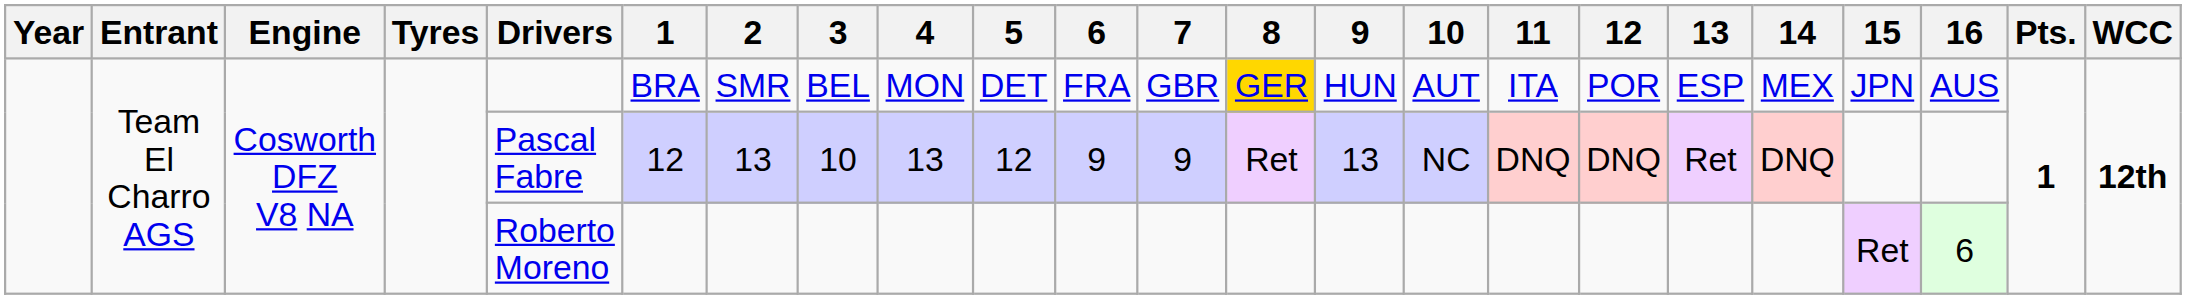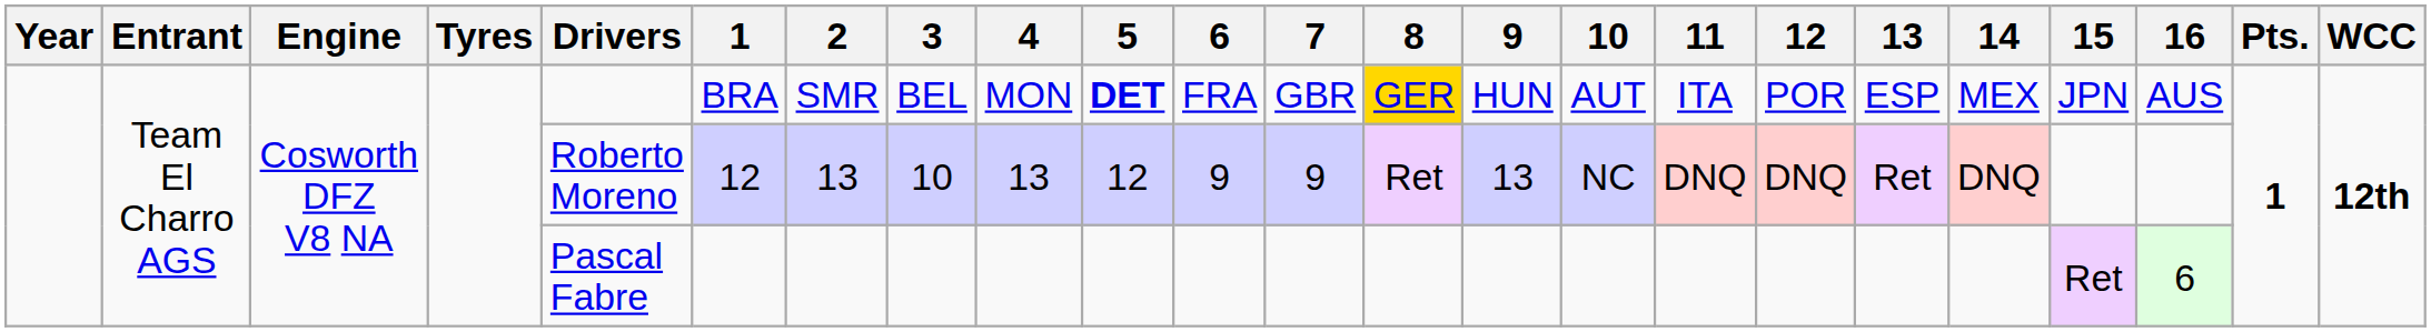 <table class="wikitable" style="text-align:center; font-size:95%">
 <tr>
 <th>Year</th>
 <th>Entrant</th>
 <th>Engine</th>
 <th>Tyres</th>
 <th>Drivers</th>
 <th>1</th>
 <th>2</th>
 <th>3</th>
 <th>4</th>
 <th>5</th>
 <th>6</th>
 <th>7</th>
 <th>8</th>
 <th>9</th>
 <th>10</th>
 <th>11</th>
 <th>12</th>
 <th>13</th>
 <th>14</th>
 <th>15</th>
 <th>16</th>
 <th>Pts.</th>
 <th>WCC</th>
 </tr>
 <tr>
 <td rowspan="3"></td>
 <td rowspan="3">Team El Charro <a href='#'>AGS</a></td>
 <td rowspan="3"><a href='#'>Cosworth DFZ</a><br><a href='#'>V8</a> <a href='#'>NA</a></td>
 <td rowspan="3"></td>
 <td></td>
 <td><a href='#'>BRA</a></td>
 <td><a href='#'>SMR</a></td>
 <td><a href='#'>BEL</a></td>
 <td><a href='#'>MON</a></td>
-<td><a href='#'>DET</a></td>
+<td><strong><a href='#'>DET</a></strong></td>
 <td><a href='#'>FRA</a></td>
 <td><a href='#'>GBR</a></td>
 <td style="background: gold;"><a href='#'>GER</a></td>
 <td><a href='#'>HUN</a></td>
 <td><a href='#'>AUT</a></td>
 <td><a href='#'>ITA</a></td>
 <td><a href='#'>POR</a></td>
 <td><a href='#'>ESP</a></td>
 <td><a href='#'>MEX</a></td>
 <td><a href='#'>JPN</a></td>
 <td><a href='#'>AUS</a></td>
 <td rowspan="3"><strong>1</strong></td>
 <td rowspan="3"><strong>12th</strong></td>
 </tr>
 <tr>
-<td align="left"><a href='#'>Pascal Fabre</a></td>
+<td align="left"><a href='#'>Roberto Moreno</a></td>
 <td style="background:#cfcfff;">12</td>
 <td style="background:#cfcfff;">13</td>
 <td style="background:#cfcfff;">10</td>
 <td style="background:#cfcfff;">13</td>
 <td style="background:#cfcfff;">12</td>
 <td style="background:#cfcfff;">9</td>
 <td style="background:#cfcfff;">9</td>
 <td style="background:#efcfff;">Ret</td>
 <td style="background:#cfcfff;">13</td>
 <td style="background:#cfcfff;">NC</td>
 <td style="background:#ffcfcf;">DNQ</td>
 <td style="background:#ffcfcf;">DNQ</td>
 <td style="background:#efcfff;">Ret</td>
 <td style="background:#ffcfcf;">DNQ</td>
 <td></td>
 <td></td>
 </tr>
 <tr>
-<td align="left"><a href='#'>Roberto Moreno</a></td>
+<td align="left"><a href='#'>Pascal Fabre</a></td>
 <td></td>
 <td></td>
 <td></td>
 <td></td>
 <td></td>
 <td></td>
 <td></td>
 <td></td>
 <td></td>
 <td></td>
 <td></td>
 <td></td>
 <td></td>
 <td></td>
 <td style="background:#efcfff;">Ret</td>
 <td style="background:#dfffdf;">6</td>
 </tr>
 </table>
